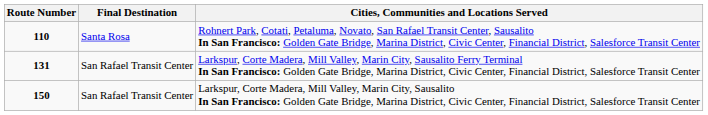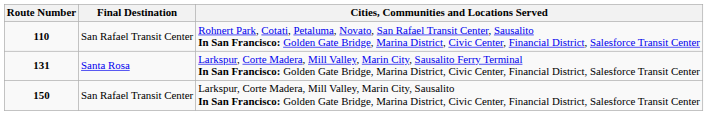 <table class="wikitable">
 <tr>
 <th>Route Number</th>
 <th>Final Destination</th>
 <th>Cities, Communities and Locations Served</th>
 </tr>
 <tr>
 <td style="text-align:center;"><div><strong>110</strong></div></td>
-<td><a href='#'>Santa Rosa</a><br></td>
+<td>San Rafael Transit Center</td>
 <td><a href='#'>Rohnert Park</a>, <a href='#'>Cotati</a>, <a href='#'>Petaluma</a>, <a href='#'>Novato</a>, <a href='#'>San Rafael Transit Center</a>, <a href='#'>Sausalito</a><br><strong>In San Francisco:</strong> <a href='#'>Golden Gate Bridge</a>, <a href='#'>Marina District</a>, <a href='#'>Civic Center</a>, <a href='#'>Financial District</a>, <a href='#'>Salesforce Transit Center</a></td>
 </tr>
 <tr>
 <td style="text-align:center;"><div><strong>131</strong></div></td>
-<td>San Rafael Transit Center</td>
+<td><a href='#'>Santa Rosa</a><br></td>
 <td><a href='#'>Larkspur</a>, <a href='#'>Corte Madera</a>, <a href='#'>Mill Valley</a>, <a href='#'>Marin City</a>, <a href='#'>Sausalito Ferry Terminal</a><br><strong>In San Francisco:</strong> Golden Gate Bridge, Marina District, Civic Center, Financial District, Salesforce Transit Center</td>
 </tr>
 <tr>
 <td style="text-align:center;"><div><strong>150</strong></div></td>
 <td>San Rafael Transit Center</td>
 <td>Larkspur, Corte Madera, Mill Valley, Marin City, Sausalito<br><strong>In San Francisco:</strong> Golden Gate Bridge, Marina District, Civic Center, Financial District, Salesforce Transit Center</td>
 </tr>
 </table>
